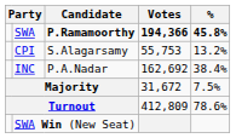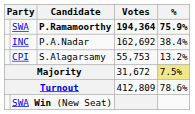 <table class="wikitable">
 <tr>
 <th colspan="2">Party</th>
 <th>Candidate</th>
 <th>Votes</th>
 <th>%</th>
 </tr>
 <tr>
 <td></td>
 <td><a href='#'>SWA</a></td>
 <td><strong>P.Ramamoorthy</strong></td>
-<td><strong>194,366</strong></td>
-<td><strong>45.8%</strong></td>
+<td><strong>194,364</strong></td>
+<td><strong>75.9%</strong></td>
+</tr>
+<tr>
+<td></td>
+<td><a href='#'>INC</a></td>
+<td>P.A.Nadar</td>
+<td>162,692</td>
+<td>38.4%</td>
 </tr>
 <tr>
 <td></td>
 <td><a href='#'>CPI</a></td>
 <td>S.Alagarsamy</td>
 <td>55,753</td>
 <td>13.2%</td>
 </tr>
 <tr>
-<td></td>
-<td><a href='#'>INC</a></td>
-<td>P.A.Nadar</td>
-<td>162,692</td>
-<td>38.4%</td>
-</tr>
-<tr>
 <th colspan="3">Majority</th>
 <td>31,672</td>
-<td>7.5%</td>
+<td style="background: khaki;">7.5%</td>
 </tr>
 <tr>
 <th colspan="3"><a href='#'>Turnout</a></th>
 <td>412,809</td>
 <td>78.6%</td>
 </tr>
 <tr>
 <td></td>
 <td colspan="2"><a href='#'>SWA</a> <strong>Win</strong> (New Seat)</td>
 <th></th>
 <td></td>
 </tr>
 </table>
